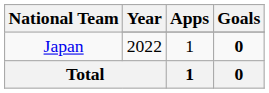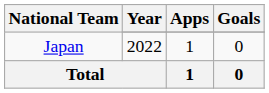 <table class="wikitable" style="text-align:center">
 <tr>
 <th>National Team</th>
 <th>Year</th>
 <th>Apps</th>
 <th>Goals</th>
 </tr>
 <tr>
 <td rowspan="2"><a href='#'>Japan</a></td>
 </tr>
 <tr>
 <td>2022</td>
 <td>1</td>
-<td><strong>0</strong></td>
+<td>0</td>
 </tr>
 <tr>
 <th colspan="2">Total</th>
 <th>1</th>
 <th>0</th>
 </tr>
 </table>
